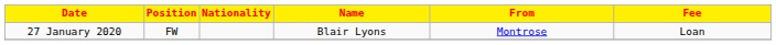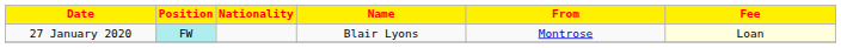 <table class="wikitable"  style="text-align:center; font-size:90%; ">
 <tr>
 <th style="background:#FFEF00; color:red; width:150px;">Date</th>
 <th style="background:#FFEF00; color:red; width:45px;">Position</th>
 <th style="background:#FFEF00; color:red; width:45px;">Nationality</th>
 <th style="background:#FFEF00; color:red; width:170px;">Name</th>
 <th style="background:#FFEF00; color:red; width:200px;">From</th>
 <th style="background:#FFEF00; color:red; width:170px;">Fee</th>
 </tr>
 <tr>
 <td>27 January 2020</td>
-<td>FW</td>
+<td style="background: paleturquoise;">FW</td>
 <td></td>
 <td>Blair Lyons</td>
 <td><a href='#'>Montrose</a></td>
-<td>Loan</td>
+<td style="background: lightyellow;">Loan</td>
 </tr>
 <tr>
 </tr>
 </table>
